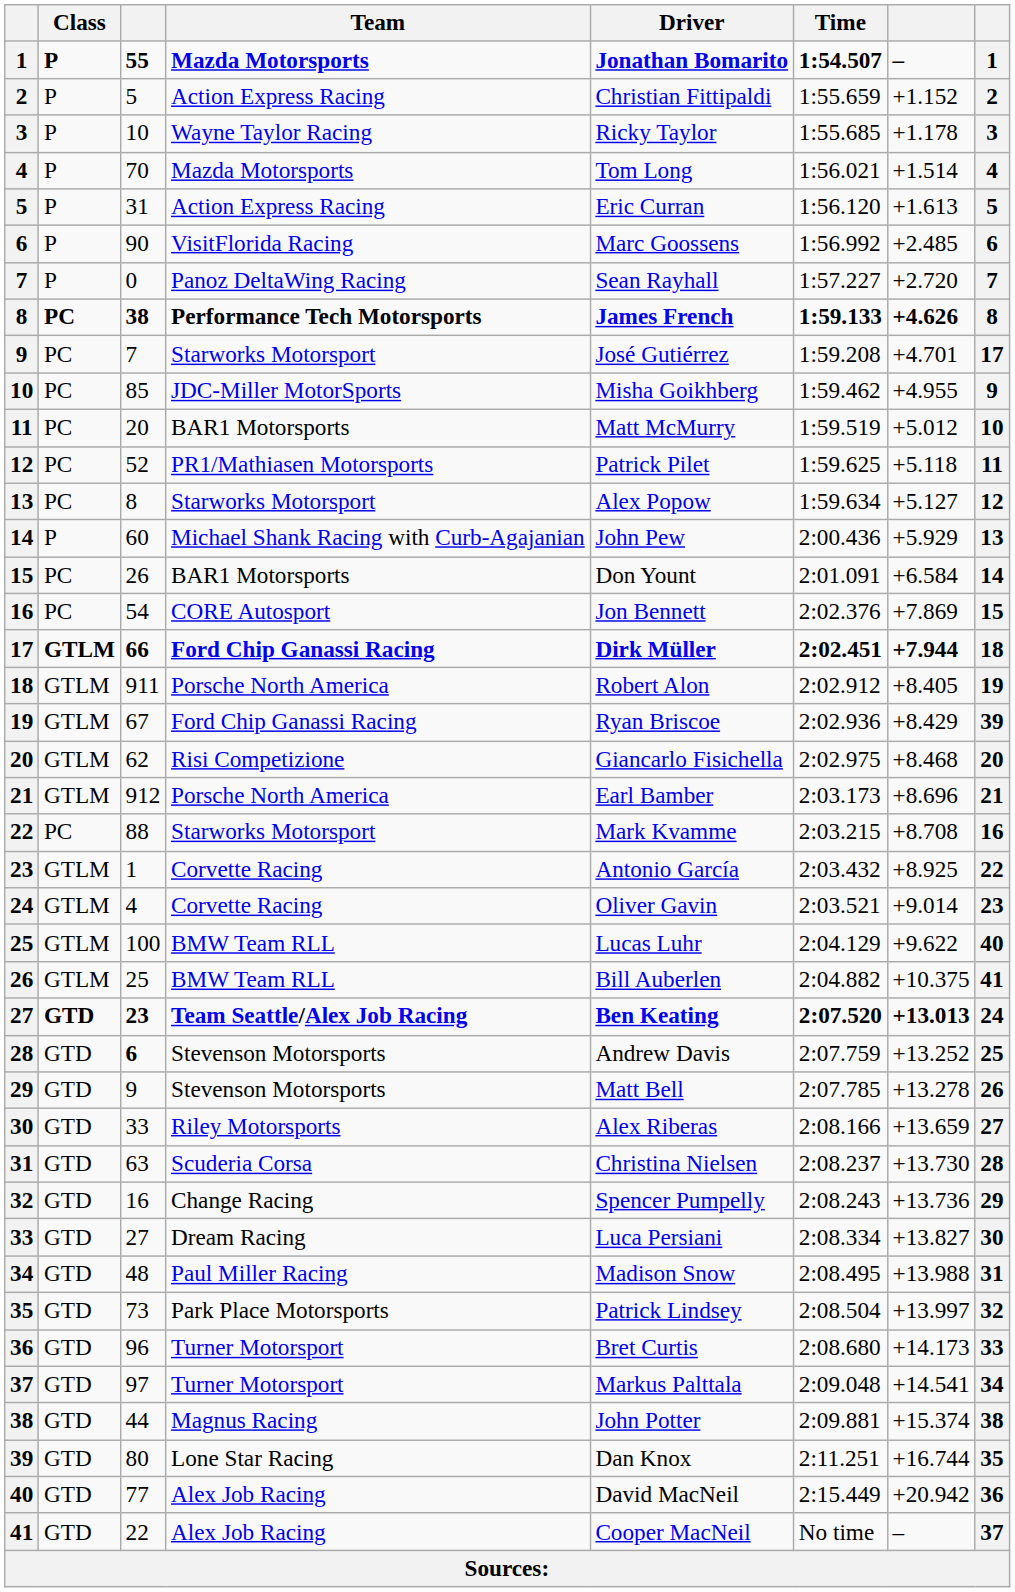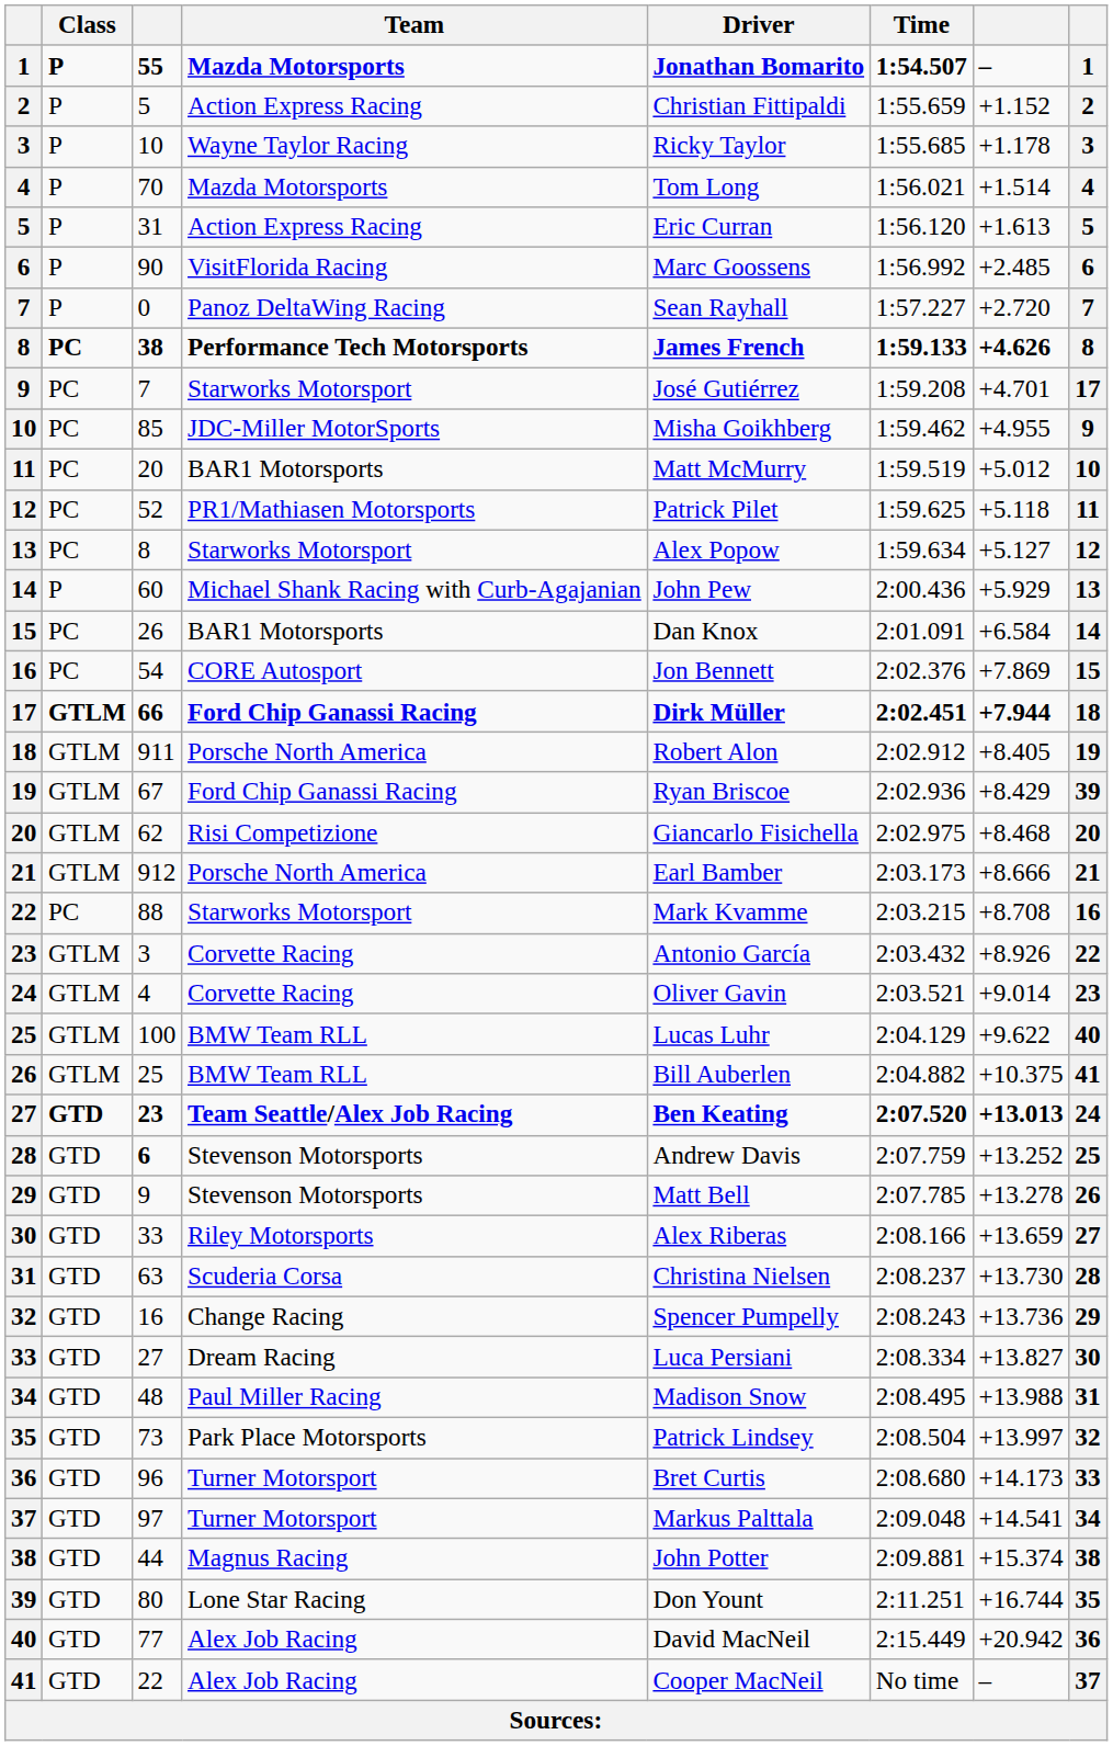 <table class="wikitable">
 <tr>
 <th></th>
 <th>Class</th>
 <th></th>
 <th>Team</th>
 <th>Driver</th>
 <th>Time</th>
 <th></th>
 <th></th>
 </tr>
 <tr style="font-weight:bold">
 <th>1</th>
 <td>P</td>
 <td>55</td>
 <td> <a href='#'>Mazda Motorsports</a></td>
 <td> <a href='#'>Jonathan Bomarito</a></td>
 <td>1:54.507</td>
 <td>–</td>
 <th>1</th>
 </tr>
 <tr>
 <th>2</th>
 <td>P</td>
 <td>5</td>
 <td> <a href='#'>Action Express Racing</a></td>
 <td> <a href='#'>Christian Fittipaldi</a></td>
 <td>1:55.659</td>
 <td>+1.152</td>
 <th>2</th>
 </tr>
 <tr>
 <th>3</th>
 <td>P</td>
 <td>10</td>
 <td> <a href='#'>Wayne Taylor Racing</a></td>
 <td> <a href='#'>Ricky Taylor</a></td>
 <td>1:55.685</td>
 <td>+1.178</td>
 <th>3</th>
 </tr>
 <tr>
 <th>4</th>
 <td>P</td>
 <td>70</td>
 <td> <a href='#'>Mazda Motorsports</a></td>
 <td> <a href='#'>Tom Long</a></td>
 <td>1:56.021</td>
 <td>+1.514</td>
 <th>4</th>
 </tr>
 <tr>
 <th>5</th>
 <td>P</td>
 <td>31</td>
 <td> <a href='#'>Action Express Racing</a></td>
 <td> <a href='#'>Eric Curran</a></td>
 <td>1:56.120</td>
 <td>+1.613</td>
 <th>5</th>
 </tr>
 <tr>
 <th>6</th>
 <td>P</td>
 <td>90</td>
 <td> <a href='#'>VisitFlorida Racing</a></td>
 <td> <a href='#'>Marc Goossens</a></td>
 <td>1:56.992</td>
 <td>+2.485</td>
 <th>6</th>
 </tr>
 <tr>
 <th>7</th>
 <td>P</td>
 <td>0</td>
 <td> <a href='#'>Panoz DeltaWing Racing</a></td>
 <td> <a href='#'>Sean Rayhall</a></td>
 <td>1:57.227</td>
 <td>+2.720</td>
 <th>7</th>
 </tr>
 <tr style="font-weight:bold">
 <th>8</th>
 <td>PC</td>
 <td>38</td>
 <td> Performance Tech Motorsports</td>
 <td> <a href='#'>James French</a></td>
 <td>1:59.133</td>
 <td>+4.626</td>
 <th>8</th>
 </tr>
 <tr>
 <th>9</th>
 <td>PC</td>
 <td>7</td>
 <td> <a href='#'>Starworks Motorsport</a></td>
 <td> <a href='#'>José Gutiérrez</a></td>
 <td>1:59.208</td>
 <td>+4.701</td>
 <th>17</th>
 </tr>
 <tr>
 <th>10</th>
 <td>PC</td>
 <td>85</td>
 <td> <a href='#'>JDC-Miller MotorSports</a></td>
 <td> <a href='#'>Misha Goikhberg</a></td>
 <td>1:59.462</td>
 <td>+4.955</td>
 <th>9</th>
 </tr>
 <tr>
 <th>11</th>
 <td>PC</td>
 <td>20</td>
 <td> BAR1 Motorsports</td>
 <td> <a href='#'>Matt McMurry</a></td>
 <td>1:59.519</td>
 <td>+5.012</td>
 <th>10</th>
 </tr>
 <tr>
 <th>12</th>
 <td>PC</td>
 <td>52</td>
 <td> <a href='#'>PR1/Mathiasen Motorsports</a></td>
 <td> <a href='#'>Patrick Pilet</a></td>
 <td>1:59.625</td>
 <td>+5.118</td>
 <th>11</th>
 </tr>
 <tr>
 <th>13</th>
 <td>PC</td>
 <td>8</td>
 <td> <a href='#'>Starworks Motorsport</a></td>
 <td> <a href='#'>Alex Popow</a></td>
 <td>1:59.634</td>
 <td>+5.127</td>
 <th>12</th>
 </tr>
 <tr>
 <th>14</th>
 <td>P</td>
 <td>60</td>
 <td> <a href='#'>Michael Shank Racing</a> with <a href='#'>Curb-Agajanian</a></td>
 <td> <a href='#'>John Pew</a></td>
 <td>2:00.436</td>
 <td>+5.929</td>
 <th>13</th>
 </tr>
 <tr>
 <th>15</th>
 <td>PC</td>
 <td>26</td>
 <td> BAR1 Motorsports</td>
-<td> Don Yount</td>
+<td> Dan Knox</td>
 <td>2:01.091</td>
 <td>+6.584</td>
 <th>14</th>
 </tr>
 <tr>
 <th>16</th>
 <td>PC</td>
 <td>54</td>
 <td> <a href='#'>CORE Autosport</a></td>
 <td> <a href='#'>Jon Bennett</a></td>
 <td>2:02.376</td>
 <td>+7.869</td>
 <th>15</th>
 </tr>
 <tr style="font-weight:bold">
 <th>17</th>
 <td>GTLM</td>
 <td>66</td>
 <td> <a href='#'>Ford Chip Ganassi Racing</a></td>
 <td> <a href='#'>Dirk Müller</a></td>
 <td>2:02.451</td>
 <td>+7.944</td>
 <th>18</th>
 </tr>
 <tr>
 <th>18</th>
 <td>GTLM</td>
 <td>911</td>
 <td> <a href='#'>Porsche North America</a></td>
 <td> <a href='#'>Robert Alon</a></td>
 <td>2:02.912</td>
 <td>+8.405</td>
 <th>19</th>
 </tr>
 <tr>
 <th>19</th>
 <td>GTLM</td>
 <td>67</td>
 <td> <a href='#'>Ford Chip Ganassi Racing</a></td>
 <td> <a href='#'>Ryan Briscoe</a></td>
 <td>2:02.936</td>
 <td>+8.429</td>
 <th>39</th>
 </tr>
 <tr>
 <th>20</th>
 <td>GTLM</td>
 <td>62</td>
 <td> <a href='#'>Risi Competizione</a></td>
 <td> <a href='#'>Giancarlo Fisichella</a></td>
 <td>2:02.975</td>
 <td>+8.468</td>
 <th>20</th>
 </tr>
 <tr>
 <th>21</th>
 <td>GTLM</td>
 <td>912</td>
 <td> <a href='#'>Porsche North America</a></td>
 <td> <a href='#'>Earl Bamber</a></td>
 <td>2:03.173</td>
-<td>+8.696</td>
+<td>+8.666</td>
 <th>21</th>
 </tr>
 <tr>
 <th>22</th>
 <td>PC</td>
 <td>88</td>
 <td> <a href='#'>Starworks Motorsport</a></td>
 <td> <a href='#'>Mark Kvamme</a></td>
 <td>2:03.215</td>
 <td>+8.708</td>
 <th>16</th>
 </tr>
 <tr>
 <th>23</th>
 <td>GTLM</td>
-<td>1</td>
+<td>3</td>
 <td> <a href='#'>Corvette Racing</a></td>
 <td> <a href='#'>Antonio García</a></td>
 <td>2:03.432</td>
-<td>+8.925</td>
+<td>+8.926</td>
 <th>22</th>
 </tr>
 <tr>
 <th>24</th>
 <td>GTLM</td>
 <td>4</td>
 <td> <a href='#'>Corvette Racing</a></td>
 <td> <a href='#'>Oliver Gavin</a></td>
 <td>2:03.521</td>
 <td>+9.014</td>
 <th>23</th>
 </tr>
 <tr>
 <th>25</th>
 <td>GTLM</td>
 <td>100</td>
 <td> <a href='#'>BMW Team RLL</a></td>
 <td> <a href='#'>Lucas Luhr</a></td>
 <td>2:04.129</td>
 <td>+9.622</td>
 <th>40</th>
 </tr>
 <tr>
 <th>26</th>
 <td>GTLM</td>
 <td>25</td>
 <td> <a href='#'>BMW Team RLL</a></td>
 <td> <a href='#'>Bill Auberlen</a></td>
 <td>2:04.882</td>
 <td>+10.375</td>
 <th>41</th>
 </tr>
 <tr style="font-weight:bold">
 <th>27</th>
 <td>GTD</td>
 <td>23</td>
 <td> <a href='#'>Team Seattle</a>/<a href='#'>Alex Job Racing</a></td>
 <td> <a href='#'>Ben Keating</a></td>
 <td>2:07.520</td>
 <td>+13.013</td>
 <th>24</th>
 </tr>
 <tr>
 <th>28</th>
 <td>GTD</td>
 <td><strong>6</strong></td>
 <td> Stevenson Motorsports</td>
 <td> Andrew Davis</td>
 <td>2:07.759</td>
 <td>+13.252</td>
 <th>25</th>
 </tr>
 <tr>
 <th>29</th>
 <td>GTD</td>
 <td>9</td>
 <td> Stevenson Motorsports</td>
 <td> <a href='#'>Matt Bell</a></td>
 <td>2:07.785</td>
 <td>+13.278</td>
 <th>26</th>
 </tr>
 <tr>
 <th>30</th>
 <td>GTD</td>
 <td>33</td>
 <td> <a href='#'>Riley Motorsports</a></td>
 <td> <a href='#'>Alex Riberas</a></td>
 <td>2:08.166</td>
 <td>+13.659</td>
 <th>27</th>
 </tr>
 <tr>
 <th>31</th>
 <td>GTD</td>
 <td>63</td>
 <td> <a href='#'>Scuderia Corsa</a></td>
 <td> <a href='#'>Christina Nielsen</a></td>
 <td>2:08.237</td>
 <td>+13.730</td>
 <th>28</th>
 </tr>
 <tr>
 <th>32</th>
 <td>GTD</td>
 <td>16</td>
 <td> Change Racing</td>
 <td> <a href='#'>Spencer Pumpelly</a></td>
 <td>2:08.243</td>
 <td>+13.736</td>
 <th>29</th>
 </tr>
 <tr>
 <th>33</th>
 <td>GTD</td>
 <td>27</td>
 <td> Dream Racing</td>
 <td> <a href='#'>Luca Persiani</a></td>
 <td>2:08.334</td>
 <td>+13.827</td>
 <th>30</th>
 </tr>
 <tr>
 <th>34</th>
 <td>GTD</td>
 <td>48</td>
 <td> <a href='#'>Paul Miller Racing</a></td>
 <td> <a href='#'>Madison Snow</a></td>
 <td>2:08.495</td>
 <td>+13.988</td>
 <th>31</th>
 </tr>
 <tr>
 <th>35</th>
 <td>GTD</td>
 <td>73</td>
 <td> Park Place Motorsports</td>
 <td> <a href='#'>Patrick Lindsey</a></td>
 <td>2:08.504</td>
 <td>+13.997</td>
 <th>32</th>
 </tr>
 <tr>
 <th>36</th>
 <td>GTD</td>
 <td>96</td>
 <td> <a href='#'>Turner Motorsport</a></td>
 <td> <a href='#'>Bret Curtis</a></td>
 <td>2:08.680</td>
 <td>+14.173</td>
 <th>33</th>
 </tr>
 <tr>
 <th>37</th>
 <td>GTD</td>
 <td>97</td>
 <td> <a href='#'>Turner Motorsport</a></td>
 <td> <a href='#'>Markus Palttala</a></td>
 <td>2:09.048</td>
 <td>+14.541</td>
 <th>34</th>
 </tr>
 <tr>
 <th>38</th>
 <td>GTD</td>
 <td>44</td>
 <td> <a href='#'>Magnus Racing</a></td>
 <td> <a href='#'>John Potter</a></td>
 <td>2:09.881</td>
 <td>+15.374</td>
 <th>38</th>
 </tr>
 <tr>
 <th>39</th>
 <td>GTD</td>
 <td>80</td>
 <td> Lone Star Racing</td>
-<td> Dan Knox</td>
+<td> Don Yount</td>
 <td>2:11.251</td>
 <td>+16.744</td>
 <th>35</th>
 </tr>
 <tr>
 <th>40</th>
 <td>GTD</td>
 <td>77</td>
 <td> <a href='#'>Alex Job Racing</a></td>
 <td> David MacNeil</td>
 <td>2:15.449</td>
 <td>+20.942</td>
 <th>36</th>
 </tr>
 <tr>
 <th>41</th>
 <td>GTD</td>
 <td>22</td>
 <td> <a href='#'>Alex Job Racing</a></td>
 <td> <a href='#'>Cooper MacNeil</a></td>
 <td>No time</td>
 <td>–</td>
 <th>37</th>
 </tr>
 <tr>
 <th colspan="8">Sources:</th>
 </tr>
 </table>
